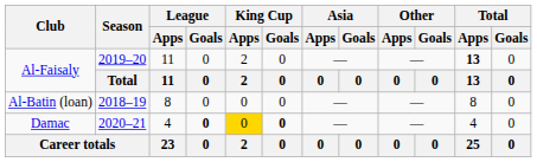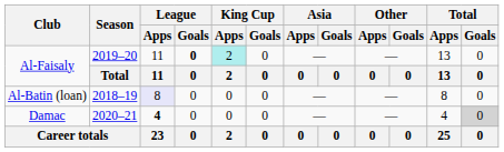 <table class="wikitable" style="text-align: center">
 <tr>
 <th rowspan=2>Club</th>
 <th rowspan=2>Season</th>
 <th colspan=2>League</th>
 <th colspan=2>King Cup</th>
 <th colspan=2>Asia</th>
 <th colspan=2>Other</th>
 <th colspan=2>Total</th>
 </tr>
 <tr>
 <th>Apps</th>
 <th>Goals</th>
 <th>Apps</th>
 <th>Goals</th>
 <th>Apps</th>
 <th>Goals</th>
 <th>Apps</th>
 <th>Goals</th>
 <th>Apps</th>
 <th>Goals</th>
 </tr>
 <tr>
 <td rowspan=2><a href='#'>Al-Faisaly</a></td>
 <td><a href='#'>2019–20</a></td>
 <td>11</td>
-<td>0</td>
-<td>2</td>
+<td><strong>0</strong></td>
+<td style="background: paleturquoise;">2</td>
 <td>0</td>
 <td colspan="2">—</td>
 <td colspan="2">—</td>
-<td><strong>13</strong></td>
+<td>13</td>
 <td>0</td>
 </tr>
 <tr>
 <th>Total</th>
 <th>11</th>
 <th>0</th>
 <th>2</th>
 <th>0</th>
 <th>0</th>
 <th>0</th>
 <th>0</th>
 <th>0</th>
 <th>13</th>
 <th>0</th>
 </tr>
 <tr>
 <td><a href='#'>Al-Batin</a> (loan)</td>
 <td><a href='#'>2018–19</a></td>
-<td>8</td>
+<td style="background: lavender;">8</td>
 <td>0</td>
 <td>0</td>
 <td>0</td>
 <td colspan="2">—</td>
 <td colspan="2">—</td>
 <td>8</td>
 <td>0</td>
 </tr>
 <tr>
 <td><a href='#'>Damac</a></td>
 <td><a href='#'>2020–21</a></td>
-<td>4</td>
-<td><strong>0</strong></td>
-<td style="background: gold;">0</td>
-<td><strong>0</strong></td>
+<td><strong>4</strong></td>
+<td>0</td>
+<td>0</td>
+<td>0</td>
 <td colspan="2">—</td>
 <td colspan="2">—</td>
 <td>4</td>
-<td>0</td>
+<td style="background: lightgrey;">0</td>
 </tr>
 <tr>
 <th colspan=2>Career totals</th>
 <th>23</th>
 <th>0</th>
 <th>2</th>
 <th>0</th>
 <th>0</th>
 <th>0</th>
 <th>0</th>
 <th>0</th>
 <th>25</th>
 <th>0</th>
 </tr>
 </table>
